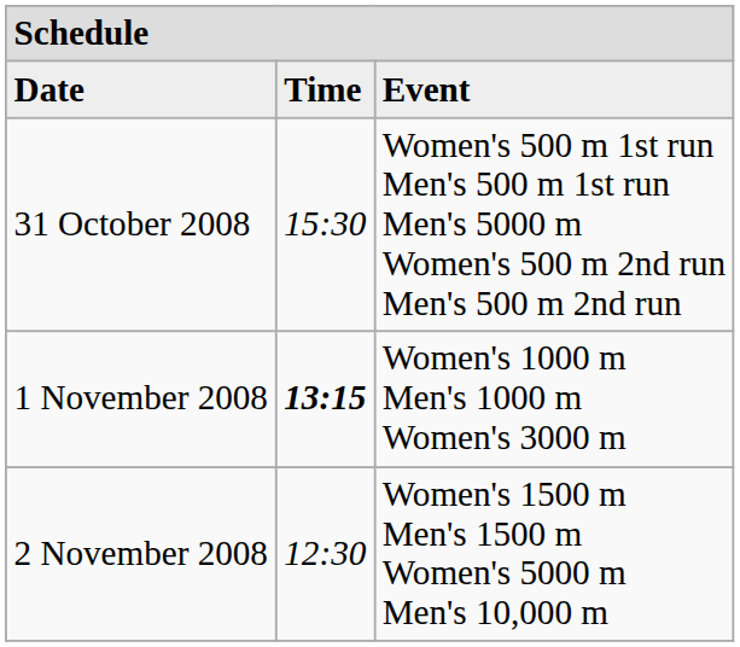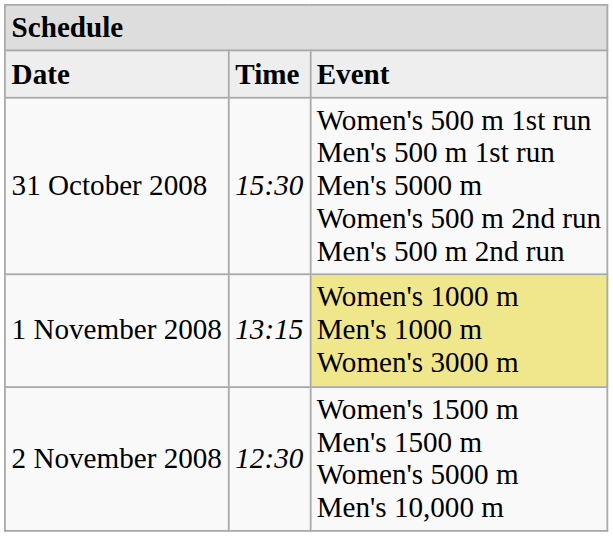 <table class='wikitable'>
 <tr align=left bgcolor=#DDDDDD>
 <td colspan=3><strong>Schedule</strong> </td>
 </tr>
 <tr align=left bgcolor=#EEEEEE>
 <td><strong>Date</strong></td>
 <td><strong>Time</strong></td>
 <td><strong>Event</strong></td>
 </tr>
 <tr>
 <td>31 October 2008</td>
 <td><em>15:30</em></td>
 <td>Women's 500 m 1st run<br>Men's 500 m 1st run<br>Men's 5000 m<br>Women's 500 m 2nd run<br>Men's 500 m 2nd run</td>
 </tr>
 <tr>
 <td>1 November 2008</td>
-<td><strong><em>13:15</em></strong></td>
-<td>Women's 1000 m<br>Men's 1000 m<br>Women's 3000 m</td>
+<td><em>13:15</em></td>
+<td style="background: khaki;">Women's 1000 m<br>Men's 1000 m<br>Women's 3000 m</td>
 </tr>
 <tr>
 <td>2 November 2008</td>
 <td><em>12:30</em></td>
 <td>Women's 1500 m<br>Men's 1500 m<br>Women's 5000 m<br>Men's 10,000 m</td>
 </tr>
 </table>
